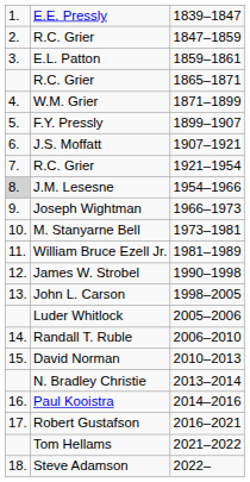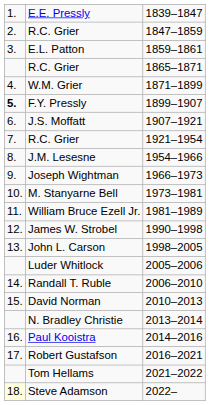 <table class=wikitable>
 <tr>
 <td>1.</td>
 <td><a href='#'>E.E. Pressly</a></td>
 <td>1839–1847</td>
 </tr>
 <tr>
 <td>2.</td>
 <td>R.C. Grier</td>
 <td>1847–1859</td>
 </tr>
 <tr>
 <td>3.</td>
 <td>E.L. Patton</td>
 <td>1859–1861</td>
 </tr>
 <tr>
 <td></td>
 <td>R.C. Grier</td>
 <td>1865–1871</td>
 </tr>
 <tr>
 <td>4.</td>
 <td>W.M. Grier</td>
 <td>1871–1899</td>
 </tr>
 <tr>
-<td>5.</td>
+<td><strong>5.</strong></td>
 <td>F.Y. Pressly</td>
 <td>1899–1907</td>
 </tr>
 <tr>
 <td>6.</td>
 <td>J.S. Moffatt</td>
 <td>1907–1921</td>
 </tr>
 <tr>
 <td>7.</td>
 <td>R.C. Grier</td>
 <td>1921–1954</td>
 </tr>
 <tr>
-<td style="background: lightgrey;">8.</td>
+<td>8.</td>
 <td>J.M. Lesesne</td>
 <td>1954–1966</td>
 </tr>
 <tr>
 <td>9.</td>
 <td>Joseph Wightman</td>
 <td>1966–1973</td>
 </tr>
 <tr>
 <td>10.</td>
 <td>M. Stanyarne Bell</td>
 <td>1973–1981</td>
 </tr>
 <tr>
 <td>11.</td>
 <td>William Bruce Ezell Jr.</td>
 <td>1981–1989</td>
 </tr>
 <tr>
 <td>12.</td>
 <td>James W. Strobel</td>
 <td>1990–1998</td>
 </tr>
 <tr>
 <td>13.</td>
 <td>John L. Carson</td>
 <td>1998–2005</td>
 </tr>
 <tr>
 <td></td>
 <td>Luder Whitlock</td>
 <td>2005–2006</td>
 </tr>
 <tr>
 <td>14.</td>
 <td>Randall T. Ruble</td>
 <td>2006–2010</td>
 </tr>
 <tr>
 <td>15.</td>
 <td>David Norman</td>
 <td>2010–2013</td>
 </tr>
 <tr>
 <td></td>
 <td>N. Bradley Christie</td>
 <td>2013–2014</td>
 </tr>
 <tr>
 <td>16.</td>
 <td><a href='#'>Paul Kooistra</a></td>
 <td>2014–2016</td>
 </tr>
 <tr>
 <td>17.</td>
 <td>Robert Gustafson</td>
 <td>2016–2021</td>
 </tr>
 <tr>
 <td></td>
 <td>Tom Hellams</td>
 <td>2021–2022</td>
 </tr>
 <tr>
-<td>18.</td>
+<td style="background: lightyellow;">18.</td>
 <td>Steve Adamson</td>
 <td>2022–</td>
 </tr>
 </table>
